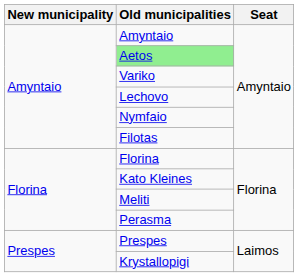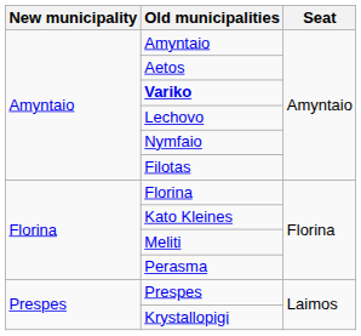 <table class="wikitable">
 <tr>
 <th>New municipality</th>
 <th>Old municipalities</th>
 <th>Seat</th>
 </tr>
 <tr>
 <td rowspan=6><a href='#'>Amyntaio</a></td>
 <td><a href='#'>Amyntaio</a></td>
 <td rowspan=6>Amyntaio</td>
 </tr>
 <tr>
-<td style="background: lightgreen;"><a href='#'>Aetos</a></td>
+<td><a href='#'>Aetos</a></td>
 </tr>
 <tr>
-<td><a href='#'>Variko</a></td>
+<td><strong><a href='#'>Variko</a></strong></td>
 </tr>
 <tr>
 <td><a href='#'>Lechovo</a></td>
 </tr>
 <tr>
 <td><a href='#'>Nymfaio</a></td>
 </tr>
 <tr>
 <td><a href='#'>Filotas</a></td>
 </tr>
 <tr>
 <td rowspan=4><a href='#'>Florina</a></td>
 <td><a href='#'>Florina</a></td>
 <td rowspan=4>Florina</td>
 </tr>
 <tr>
 <td><a href='#'>Kato Kleines</a></td>
 </tr>
 <tr>
 <td><a href='#'>Meliti</a></td>
 </tr>
 <tr>
 <td><a href='#'>Perasma</a></td>
 </tr>
 <tr>
 <td rowspan=2><a href='#'>Prespes</a></td>
 <td><a href='#'>Prespes</a></td>
 <td rowspan=2>Laimos</td>
 </tr>
 <tr>
 <td><a href='#'>Krystallopigi</a></td>
 </tr>
 </table>
